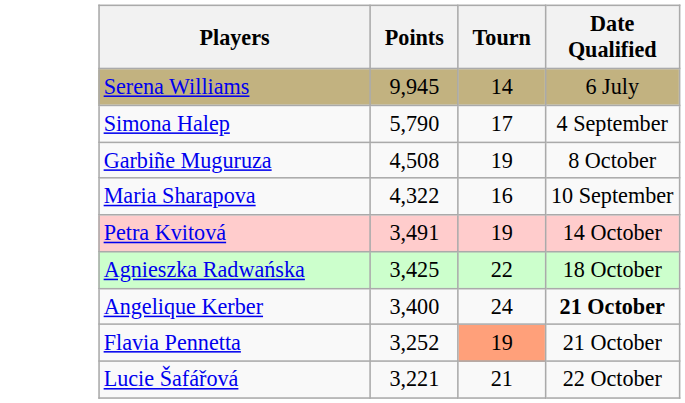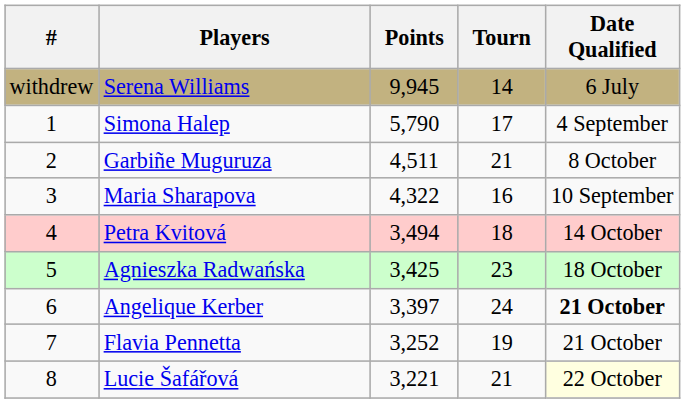 <table class="sortable wikitable" style="float:right;margin-left:1em;text-align:center;font-size:90%;text:justify;">
 <tr>
+<th width=20>#</th>
 <th width=170>Players</th>
 <th width=50>Points</th>
 <th width=50>Tourn</th>
 <th width=80>Date Qualified</th>
 </tr>
 <tr style="background:#C2B280;">
+<td>withdrew</td>
 <td align="left"> <a href='#'>Serena Williams</a></td>
 <td>9,945</td>
 <td>14</td>
 <td>6 July</td>
 </tr>
 <tr>
+<td>1</td>
 <td align=left> <a href='#'>Simona Halep</a></td>
 <td>5,790</td>
 <td>17</td>
 <td>4 September</td>
 </tr>
 <tr>
+<td>2</td>
 <td align=left> <a href='#'>Garbiñe Muguruza</a></td>
-<td>4,508</td>
-<td>19</td>
+<td>4,511</td>
+<td>21</td>
 <td>8 October</td>
 </tr>
 <tr>
+<td>3</td>
 <td align=left> <a href='#'>Maria Sharapova</a></td>
 <td>4,322</td>
 <td>16</td>
 <td>10 September</td>
 </tr>
 <tr style="background:#fcc;">
+<td>4</td>
 <td align=left> <a href='#'>Petra Kvitová</a></td>
-<td>3,491</td>
-<td>19</td>
+<td>3,494</td>
+<td>18</td>
 <td>14 October</td>
 </tr>
 <tr style="background:#cfc;">
+<td>5</td>
 <td align=left> <a href='#'>Agnieszka Radwańska</a></td>
 <td>3,425</td>
-<td>22</td>
+<td>23</td>
 <td>18 October</td>
 </tr>
 <tr>
+<td>6</td>
 <td align=left> <a href='#'>Angelique Kerber</a></td>
-<td>3,400</td>
+<td>3,397</td>
 <td>24</td>
 <td><strong>21 October</strong></td>
 </tr>
 <tr>
+<td>7</td>
 <td align=left> <a href='#'>Flavia Pennetta</a></td>
 <td>3,252</td>
-<td style="background: lightsalmon;">19</td>
+<td>19</td>
 <td>21 October</td>
 </tr>
 <tr>
+<td>8</td>
 <td align=left> <a href='#'>Lucie Šafářová</a></td>
 <td>3,221</td>
 <td>21</td>
-<td>22 October</td>
+<td style="background: lightyellow;">22 October</td>
 </tr>
 </table>
